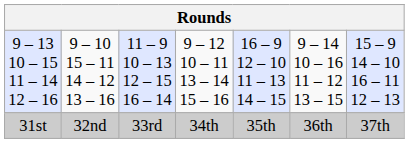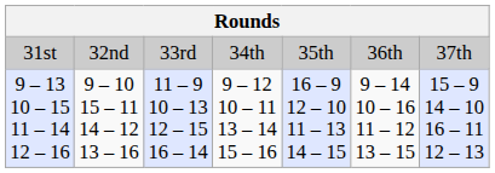 <table class="wikitable">
 <tr>
 <th colspan="7">Rounds</th>
+</tr>
+<tr>
+<td align="center" bgcolor="#CCCCCC">31st</td>
+<td align="center" bgcolor="#CCCCCC">32nd</td>
+<td align="center" bgcolor="#CCCCCC">33rd</td>
+<td align="center" bgcolor="#CCCCCC">34th</td>
+<td align="center" bgcolor="#CCCCCC">35th</td>
+<td align="center" bgcolor="#CCCCCC">36th</td>
+<td align="center" bgcolor="#CCCCCC">37th</td>
 </tr>
 <tr>
 <td align="center" bgcolor="#DFE7FF">9 – 13<br>10 – 15<br>11 – 14<br>12 – 16</td>
 <td align="center">9 – 10<br>15 – 11<br>14 – 12<br>13 – 16</td>
 <td align="center" bgcolor="#DFE7FF">11 – 9<br>10 – 13<br>12 – 15<br>16 – 14</td>
 <td align="center">9 – 12<br>10 – 11<br>13 – 14<br>15 – 16</td>
 <td align="center" bgcolor="#DFE7FF">16 – 9<br>12 – 10<br>11 – 13<br>14 – 15</td>
 <td align="center">9 – 14<br>10 – 16<br>11 – 12<br>13 – 15</td>
 <td align="center" bgcolor="#DFE7FF">15 – 9<br>14 – 10<br>16 – 11<br>12 – 13</td>
 </tr>
-<tr>
-<td align="center" bgcolor="#CCCCCC">31st</td>
-<td align="center" bgcolor="#CCCCCC">32nd</td>
-<td align="center" bgcolor="#CCCCCC">33rd</td>
-<td align="center" bgcolor="#CCCCCC">34th</td>
-<td align="center" bgcolor="#CCCCCC">35th</td>
-<td align="center" bgcolor="#CCCCCC">36th</td>
-<td align="center" bgcolor="#CCCCCC">37th</td>
-</tr>
 </table>
